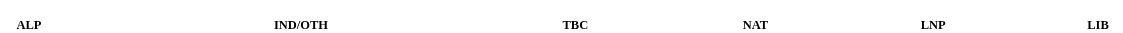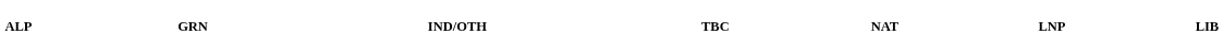 <table style="width:100%; text-align:center">
 <tr style="color:white; height:10px;">
 <td style="background:"><strong>93</strong></td>
+<td style="background:"><strong>1</strong></td>
 <td style="background:"><strong>11</strong></td>
 <td style="background:"><strong>2</strong></td>
 <td style="background:"><strong>9</strong></td>
 <td style="background:"><strong>15</strong></td>
 <td style="background:"><strong>19</strong></td>
 </tr>
 <tr>
 <td style="color:"><strong>ALP</strong></td>
+<td style="color:"><strong>GRN</strong></td>
 <td style="color:"><strong>IND/OTH</strong></td>
 <td style="color:"><strong>TBC</strong></td>
 <td style="color:"><strong>NAT</strong></td>
 <td style="color:"><strong>LNP</strong></td>
 <td style="color:"><strong>LIB</strong></td>
 </tr>
 </table>
